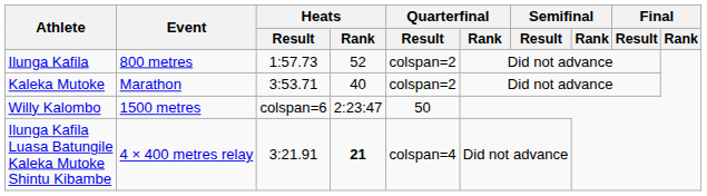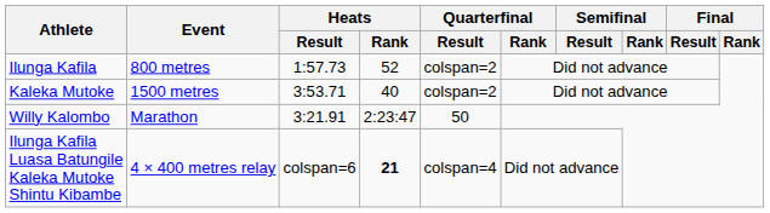 <table class="wikitable" style="font-size:90%">
 <tr>
 <th rowspan="2">Athlete</th>
 <th rowspan="2">Event</th>
 <th colspan="2">Heats</th>
 <th colspan="2">Quarterfinal</th>
 <th colspan="2">Semifinal</th>
 <th colspan="2">Final</th>
 </tr>
 <tr style="font-size:95%">
 <th>Result</th>
 <th>Rank</th>
 <th>Result</th>
 <th>Rank</th>
 <th>Result</th>
 <th>Rank</th>
 <th>Result</th>
 <th>Rank</th>
 </tr>
 <tr align=center>
 <td align=left><a href='#'>Ilunga Kafila</a></td>
 <td align=left><a href='#'>800 metres</a></td>
 <td>1:57.73</td>
 <td>52</td>
 <td>colspan=2</td>
 <td colspan=4>Did not advance</td>
 </tr>
 <tr align=center>
 <td align=left><a href='#'>Kaleka Mutoke</a></td>
-<td align=left><a href='#'>Marathon</a></td>
+<td align=left><a href='#'>1500 metres</a></td>
 <td>3:53.71</td>
 <td>40</td>
 <td>colspan=2</td>
 <td colspan=4>Did not advance</td>
 </tr>
 <tr align=center>
 <td align=left><a href='#'>Willy Kalombo</a></td>
-<td align=left><a href='#'>1500 metres</a></td>
-<td>colspan=6</td>
+<td align=left><a href='#'>Marathon</a></td>
+<td>3:21.91</td>
 <td>2:23:47</td>
 <td>50</td>
 </tr>
 <tr align=center>
 <td align=left><a href='#'>Ilunga Kafila</a><br><a href='#'>Luasa Batungile</a><br><a href='#'>Kaleka Mutoke</a><br><a href='#'>Shintu Kibambe</a></td>
 <td align=left><a href='#'>4 × 400 metres relay</a></td>
-<td>3:21.91</td>
+<td>colspan=6</td>
 <td><strong>21</strong></td>
 <td>colspan=4</td>
 <td colspan=2>Did not advance</td>
 </tr>
 </table>
